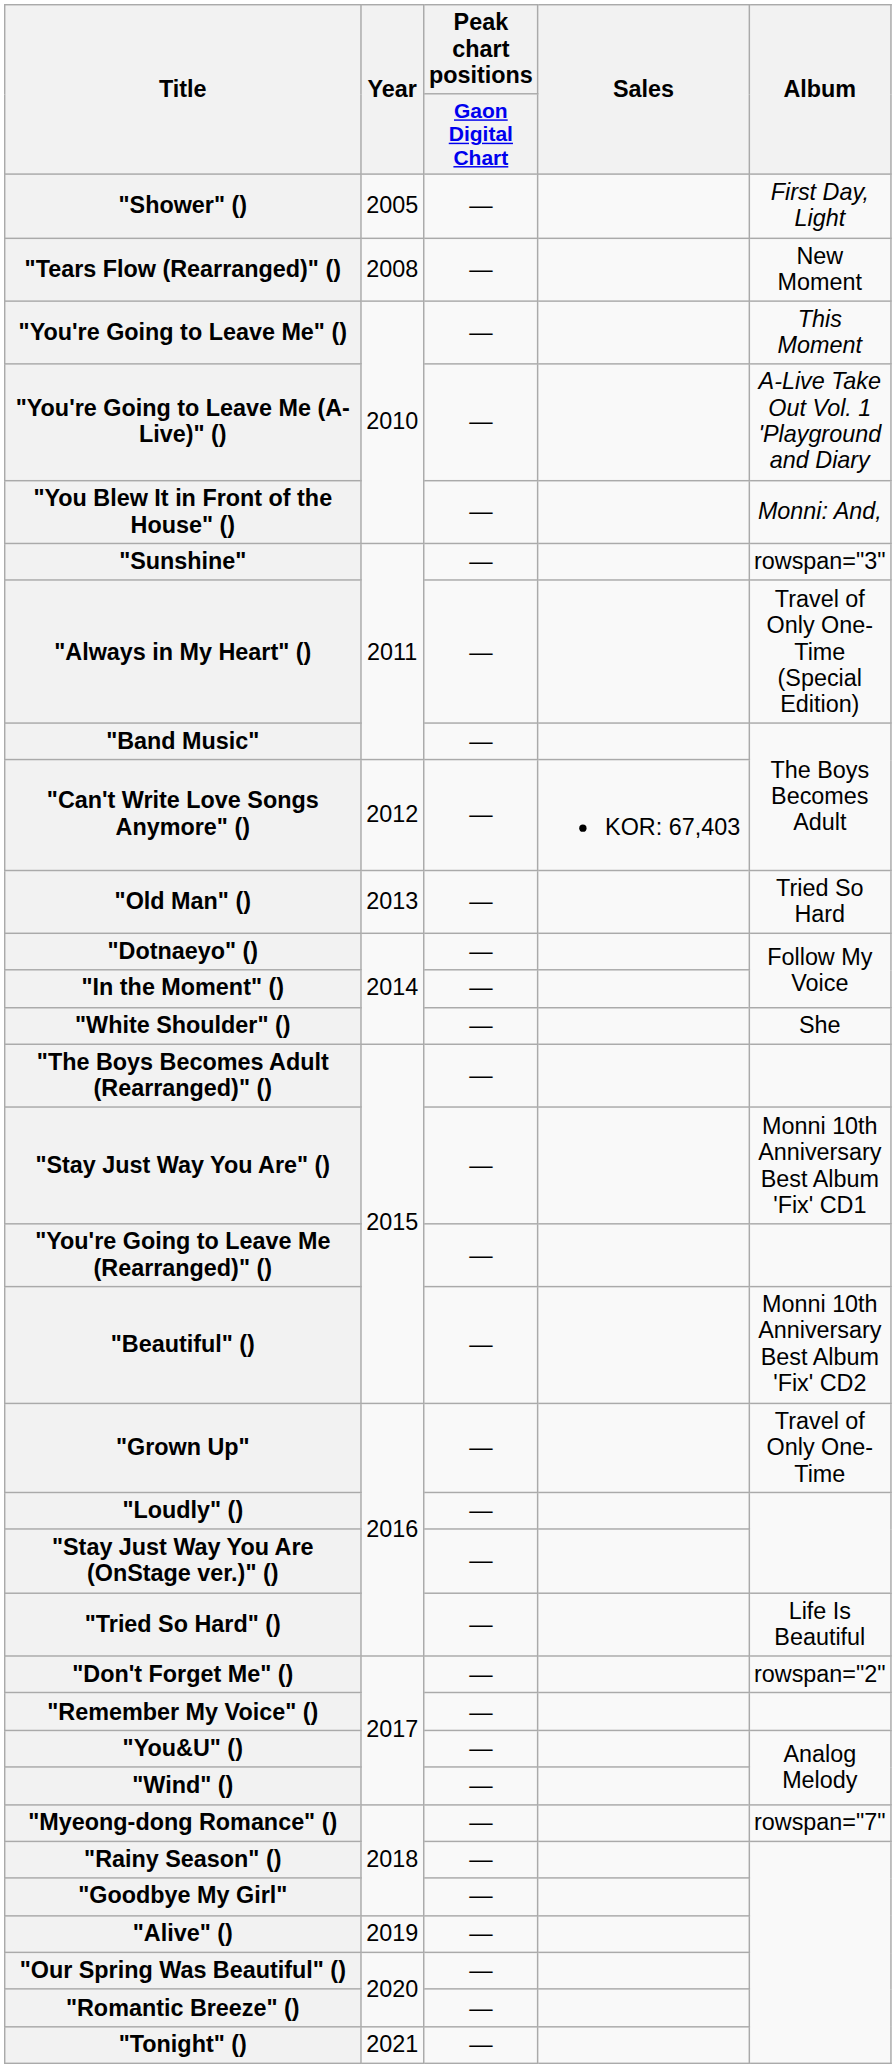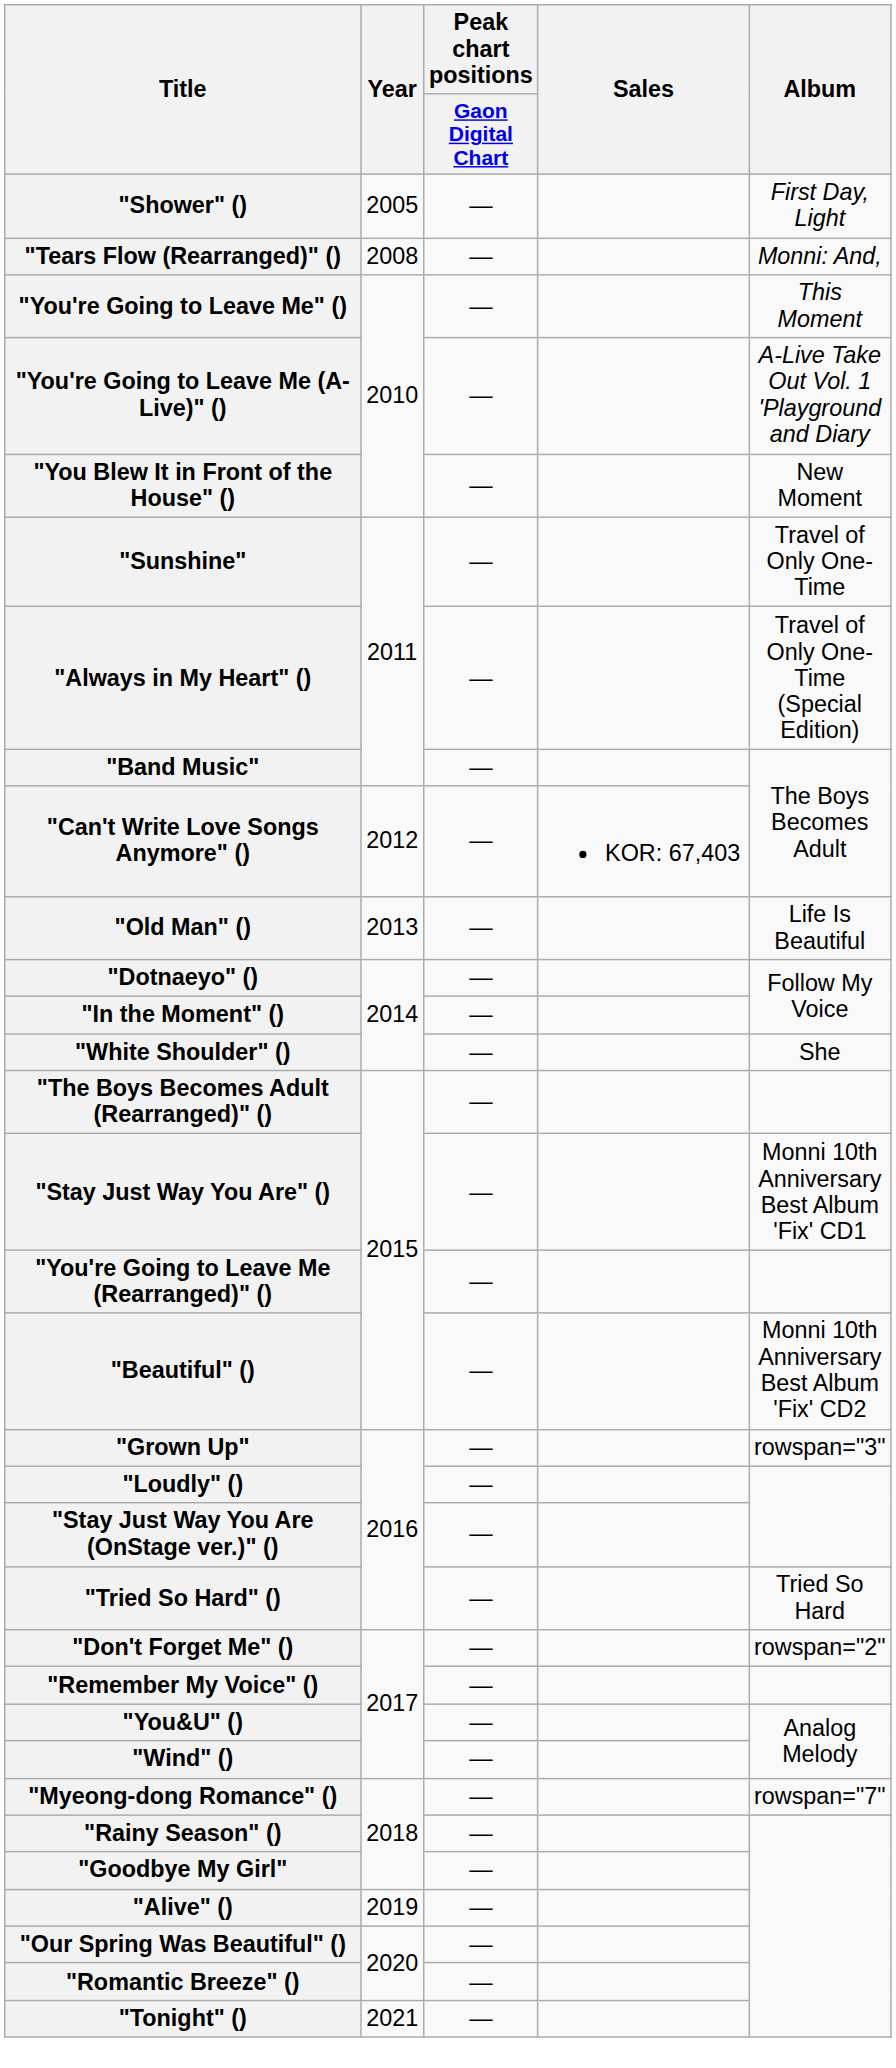 <table class="wikitable plainrowheaders" style="text-align:center;" border="1">
 <tr>
 <th scope="col" rowspan="2" style="width:16em;">Title</th>
 <th scope="col" rowspan="2">Year</th>
 <th scope="col">Peak chart positions</th>
 <th scope="col" rowspan="2" style="width:9em;">Sales</th>
 <th scope="col" rowspan="2">Album</th>
 </tr>
 <tr>
 <th scope="col" style="width:3em;font-size:90%;"><a href='#'>Gaon Digital Chart</a><br></th>
 </tr>
 <tr>
 <th scope="row">"Shower" ()</th>
 <td>2005</td>
 <td>—</td>
 <td></td>
 <td><em>First Day, Light</em></td>
 </tr>
 <tr>
 <th scope="row">"Tears Flow (Rearranged)" ()</th>
 <td>2008</td>
 <td>—</td>
 <td></td>
-<td></em>New Moment<em></td>
+<td><em>Monni: And,</em></td>
 </tr>
 <tr>
 <th scope="row">"You're Going to Leave Me" ()</th>
 <td rowspan="3">2010</td>
 <td>—</td>
 <td></td>
 <td><em>This Moment</em></td>
 </tr>
 <tr>
 <th scope="row">"You're Going to Leave Me (A-Live)" ()</th>
 <td>—</td>
 <td></td>
 <td><em>A-Live Take Out Vol. 1 'Playground and Diary<strong></td>
 </tr>
 <tr>
 <th scope="row">"You Blew It in Front of the House" ()</th>
 <td>—</td>
 <td></td>
-<td><em>Monni: And,</em></td>
+<td></em>New Moment<em></td>
 </tr>
 <tr>
 <th scope="row">"Sunshine"</th>
 <td rowspan="3">2011</td>
 <td>—</td>
 <td></td>
-<td>rowspan="3" </td>
+<td></em>Travel of Only One-Time<em></td>
 </tr>
 <tr>
 <th scope="row">"Always in My Heart" ()</th>
 <td>—</td>
 <td></td>
 <td></em>Travel of Only One-Time (Special Edition)<em></td>
 </tr>
 <tr>
 <th scope="row">"Band Music"</th>
 <td>—</td>
 <td></td>
 <td rowspan="2"></em>The Boys Becomes Adult<em></td>
 </tr>
 <tr>
 <th scope="row">"Can't Write Love Songs Anymore" ()</th>
 <td>2012</td>
 <td>—</td>
 <td><br><ul><li>KOR: 67,403</li></ul></td>
 </tr>
 <tr>
 <th scope="row">"Old Man" ()</th>
 <td>2013</td>
 <td>—</td>
 <td></td>
-<td></em>Tried So Hard<em></td>
+<td></em>Life Is Beautiful<em></td>
 </tr>
 <tr>
 <th scope="row">"Dotnaeyo" ()</th>
 <td rowspan="3">2014</td>
 <td>—</td>
 <td></td>
 <td rowspan="2"></em>Follow My Voice<em></td>
 </tr>
 <tr>
 <th scope="row">"In the Moment" ()</th>
 <td>—</td>
 <td></td>
 </tr>
 <tr>
 <th scope="row">"White Shoulder" ()</th>
 <td>—</td>
 <td></td>
 <td></em>She<em></td>
 </tr>
 <tr>
 <th scope="row">"The Boys Becomes Adult (Rearranged)" ()</th>
 <td rowspan="4">2015</td>
 <td>—</td>
 <td></td>
 <td></td>
 </tr>
 <tr>
 <th scope="row">"Stay Just Way You Are" ()</th>
 <td>—</td>
 <td></td>
 <td></em>Monni 10th Anniversary Best Album 'Fix' CD1<em></td>
 </tr>
 <tr>
 <th scope="row">"You're Going to Leave Me (Rearranged)" ()</th>
 <td>—</td>
 <td></td>
 <td></td>
 </tr>
 <tr>
 <th scope="row">"Beautiful" ()</th>
 <td>—</td>
 <td></td>
 <td></em>Monni 10th Anniversary Best Album 'Fix' CD2<em></td>
 </tr>
 <tr>
 <th scope="row">"Grown Up"</th>
 <td rowspan="4">2016</td>
 <td>—</td>
 <td></td>
-<td></em>Travel of Only One-Time<em></td>
+<td>rowspan="3" </td>
 </tr>
 <tr>
 <th scope="row">"Loudly" ()</th>
 <td>—</td>
 <td></td>
 </tr>
 <tr>
 <th scope="row">"Stay Just Way You Are (OnStage ver.)" ()</th>
 <td>—</td>
 <td></td>
 </tr>
 <tr>
 <th scope="row">"Tried So Hard" ()</th>
 <td>—</td>
 <td></td>
-<td></em>Life Is Beautiful<em></td>
+<td></em>Tried So Hard<em></td>
 </tr>
 <tr>
 <th scope="row">"Don't Forget Me" ()</th>
 <td rowspan="4">2017</td>
 <td>—</td>
 <td></td>
 <td>rowspan="2" </td>
 </tr>
 <tr>
 <th scope="row">"Remember My Voice" ()</th>
 <td>—</td>
 <td></td>
 </tr>
 <tr>
 <th scope="row">"You&U" ()</th>
 <td>—</td>
 <td></td>
 <td rowspan="2"></em>Analog Melody<em></td>
 </tr>
 <tr>
 <th scope="row">"Wind" ()</th>
 <td>—</td>
 <td></td>
 </tr>
 <tr>
 <th scope="row">"Myeong-dong Romance" ()</th>
 <td rowspan="3">2018</td>
 <td>—</td>
 <td></td>
 <td>rowspan="7" </td>
 </tr>
 <tr>
 <th scope="row">"Rainy Season" ()</th>
 <td>—</td>
 <td></td>
 </tr>
 <tr>
 <th scope="row">"Goodbye My Girl"</th>
 <td>—</td>
 <td></td>
 </tr>
 <tr>
 <th scope="row">"Alive" ()</th>
 <td>2019</td>
 <td>—</td>
 <td></td>
 </tr>
 <tr>
 <th scope="row">"Our Spring Was Beautiful" ()</th>
 <td rowspan="2">2020</td>
 <td>—</td>
 <td></td>
 </tr>
 <tr>
 <th scope="row">"Romantic Breeze" ()</th>
 <td>—</td>
 <td></td>
 </tr>
 <tr>
 <th scope="row">"Tonight" ()</th>
 <td>2021</td>
 <td>—</td>
 <td></td>
 </tr>
 </table>
